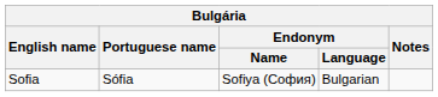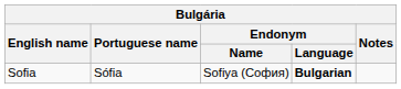 <table class="wikitable sortable">
 <tr>
 <th colspan="5"> Bulgária</th>
 </tr>
 <tr>
 <th rowspan="2">English name</th>
 <th rowspan="2">Portuguese name</th>
 <th colspan="2">Endonym</th>
 <th rowspan="2">Notes</th>
 </tr>
 <tr>
 <th>Name</th>
 <th>Language</th>
 </tr>
 <tr>
 <td>Sofia</td>
 <td>Sófia</td>
 <td>Sofiya (София)</td>
-<td>Bulgarian</td>
+<td><strong>Bulgarian</strong></td>
 <td></td>
 </tr>
 </table>
